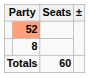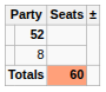 <table class=wikitable>
 <tr>
 <th colspan=2 align=center>Party</th>
 <th valign=top>Seats</th>
 <th valign=top>±</th>
 </tr>
 <tr>
 <td></td>
-<td align=right style="background: lightsalmon;"><strong>52</strong></td>
+<td align=right><strong>52</strong></td>
 <td align=right></td>
 </tr>
 <tr>
 <td></td>
-<td align=right><strong>8</strong></td>
+<td align=right>8</td>
 <td align=right></td>
 </tr>
 <tr>
 <td colspan=2 align=center><strong>Totals</strong></td>
-<td align=right><strong>60</strong></td>
+<td align=right style="background: lightsalmon;"><strong>60</strong></td>
 <td align=center></td>
 </tr>
 </table>
